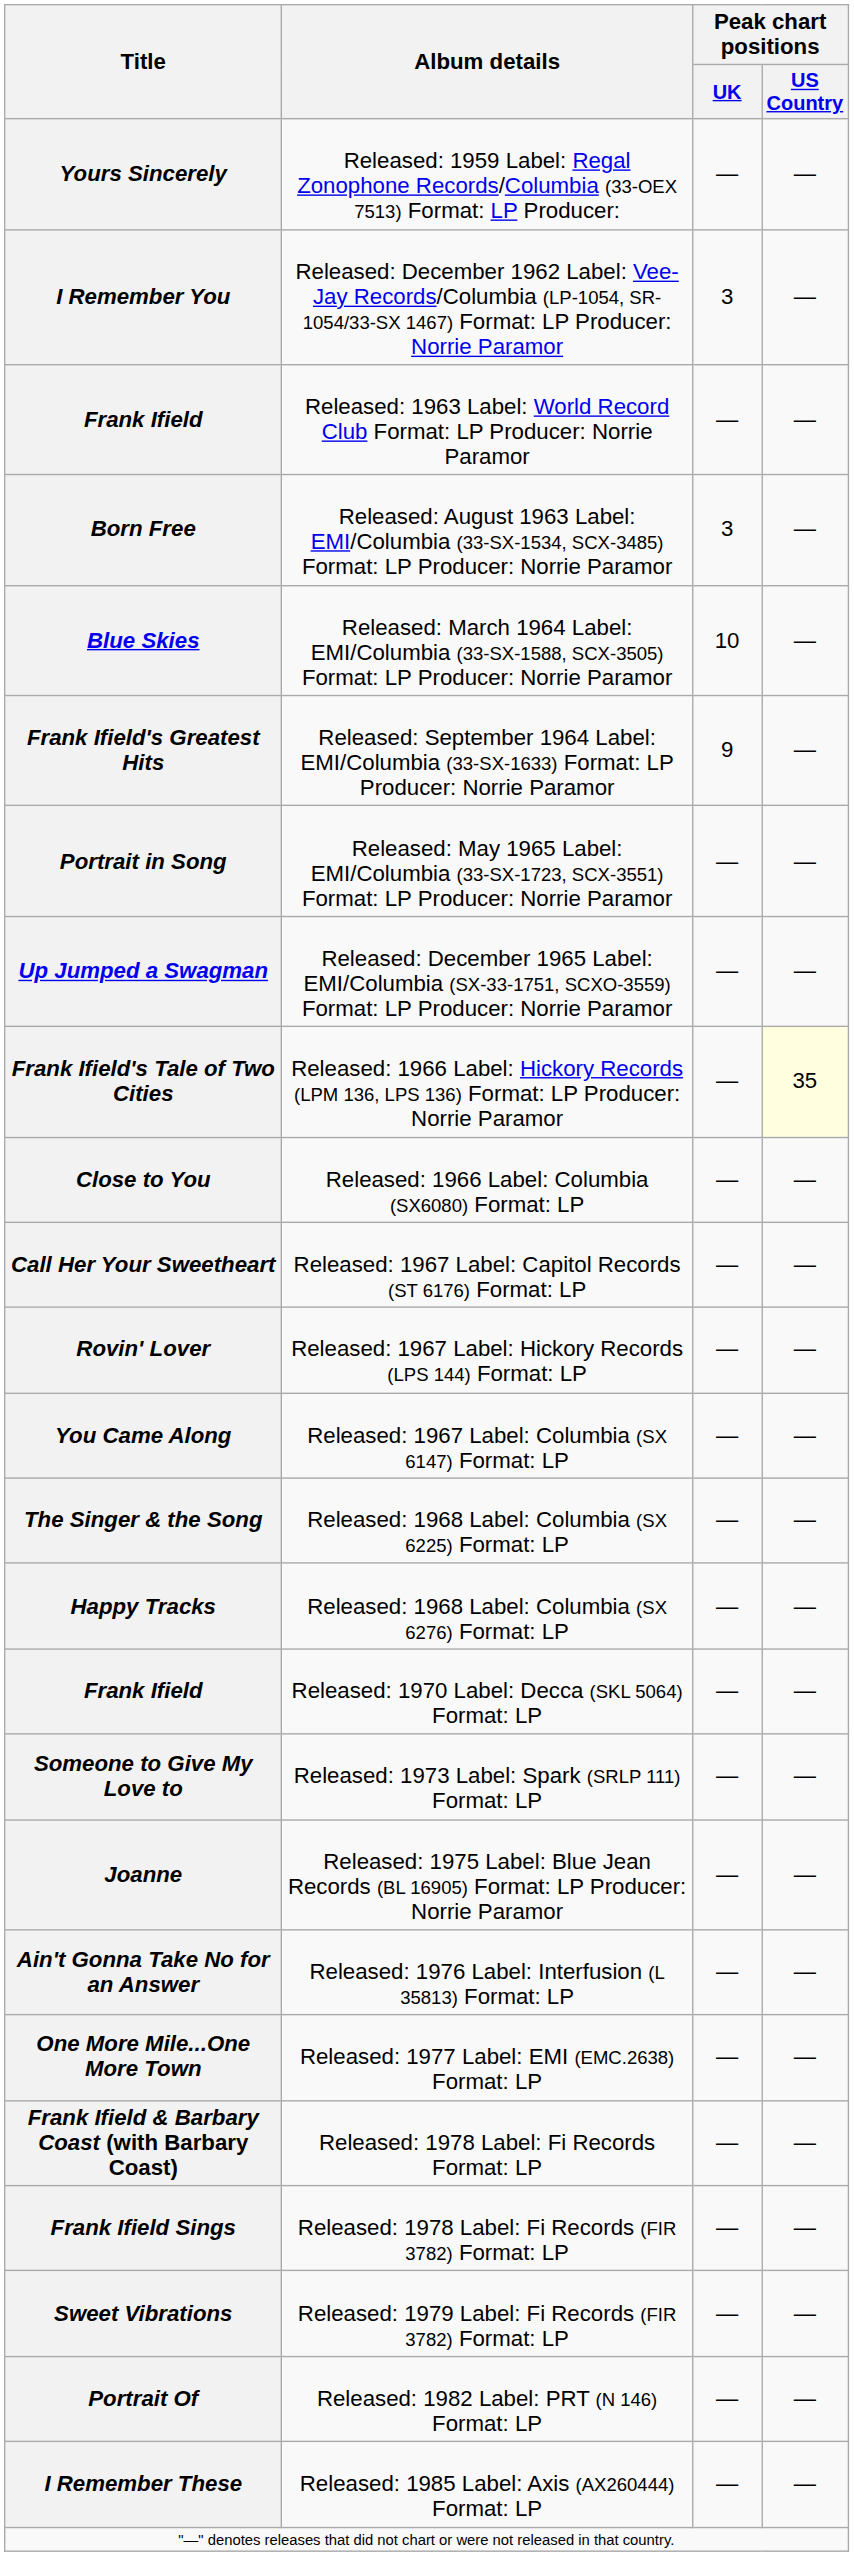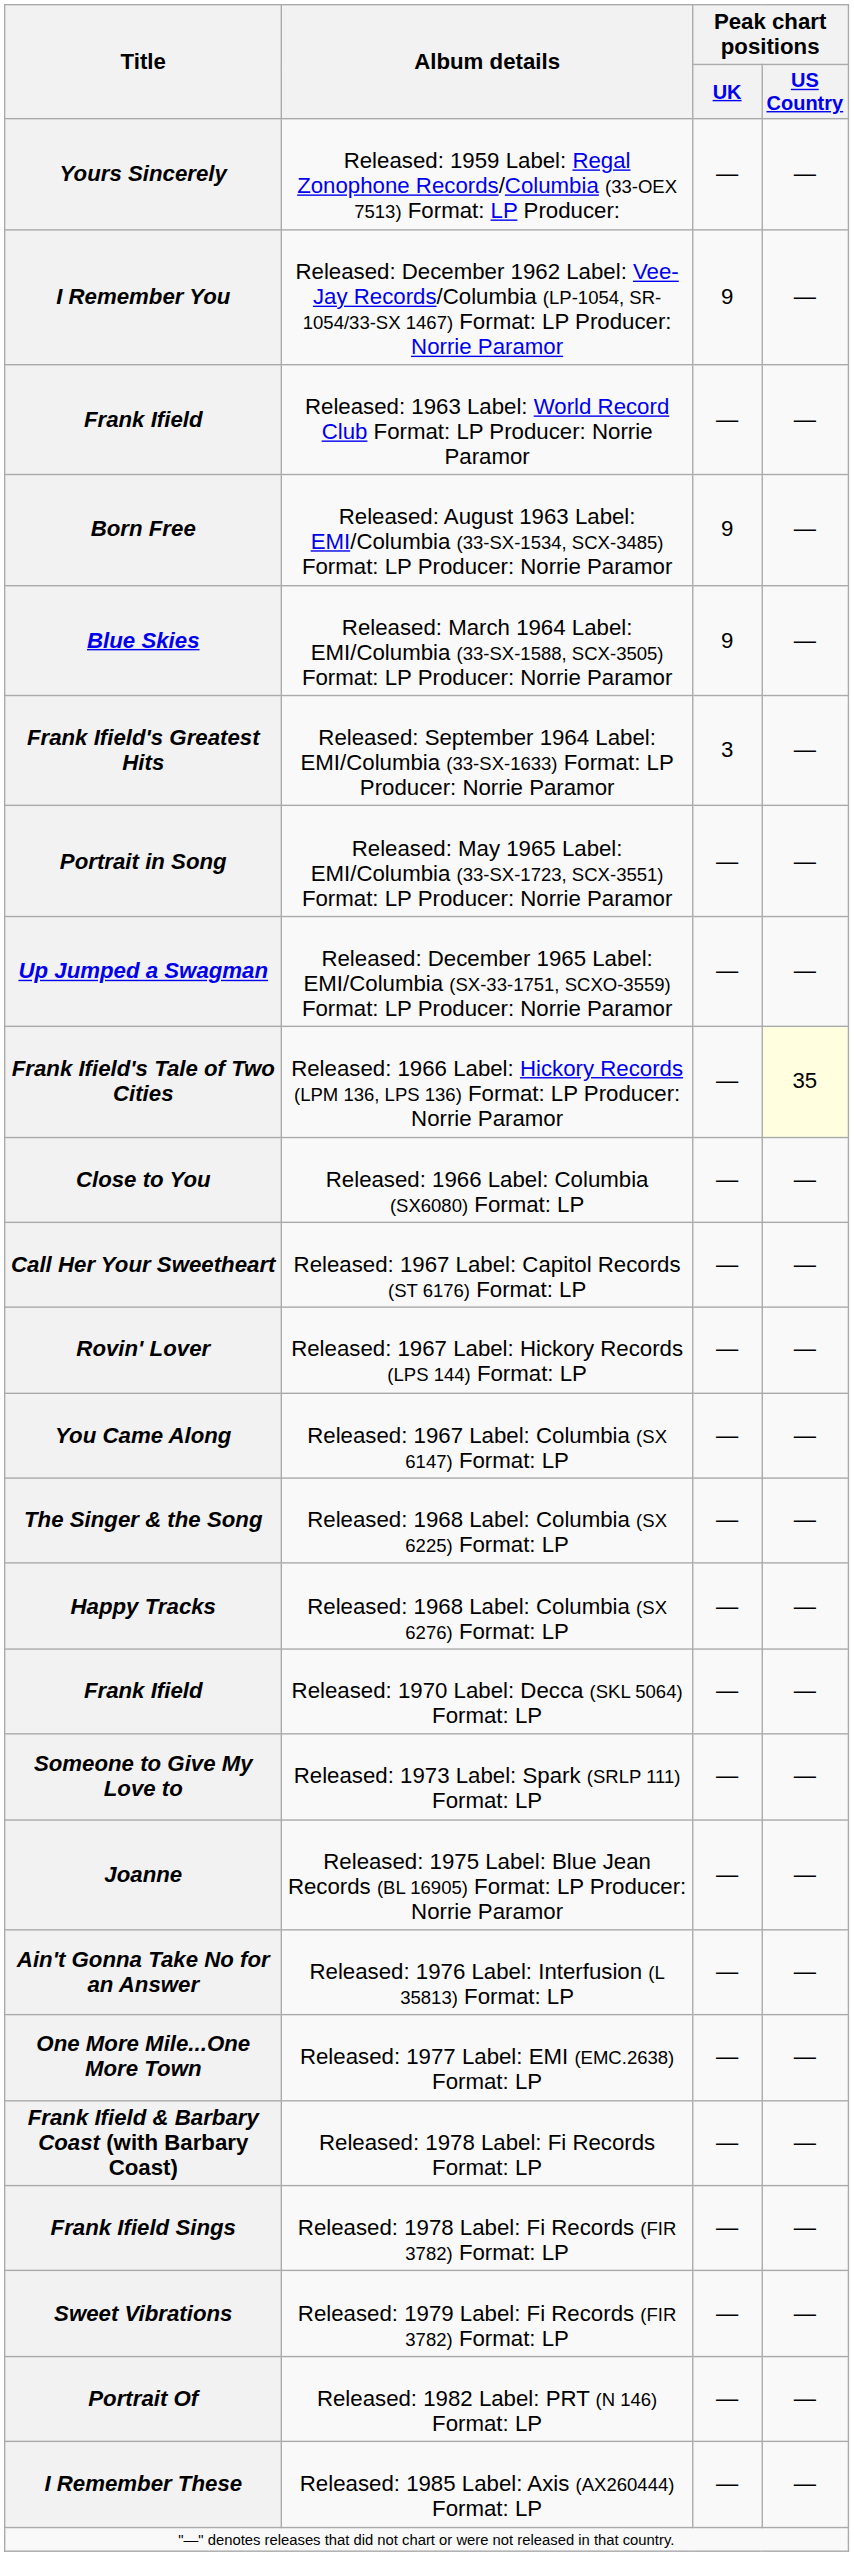 <table class="wikitable plainrowheaders" style="text-align:center;">
 <tr>
 <th scope="col" rowspan="2" style="width:12em;">Title</th>
 <th scope="col" rowspan="2" style="width:18em;">Album details</th>
 <th scope="col" colspan="2">Peak chart positions</th>
 </tr>
 <tr>
 <th scope="col" style="width:3em;font-size:90%;"><a href='#'>UK</a><br></th>
 <th scope="col" style="width:3em;font-size:90%;"><a href='#'>US Country</a><br></th>
 </tr>
 <tr>
 <th scope="row"><em>Yours Sincerely</em></th>
 <td><br>Released: 1959 Label: <a href='#'>Regal Zonophone Records</a>/<a href='#'>Columbia</a> <small>(33-OEX 7513)</small> Format: <a href='#'>LP</a> Producer:</td>
 <td style="text-align:center;">—</td>
 <td style="text-align:center;">—</td>
 </tr>
 <tr>
 <th scope="row"><em>I Remember You</em></th>
 <td><br>Released: December 1962 Label: <a href='#'>Vee-Jay Records</a>/Columbia <small>(LP-1054, SR-1054/33-SX 1467)</small> Format: LP Producer: <a href='#'>Norrie Paramor</a></td>
-<td style="text-align:center;">3</td>
+<td style="text-align:center;">9</td>
 <td style="text-align:center;">—</td>
 </tr>
 <tr>
 <th scope="row"><em>Frank Ifield</em></th>
 <td><br>Released: 1963 Label: <a href='#'>World Record Club</a> Format: LP Producer: Norrie Paramor</td>
 <td style="text-align:center;">—</td>
 <td style="text-align:center;">—</td>
 </tr>
 <tr>
 <th scope="row"><em>Born Free</em></th>
 <td><br>Released: August 1963 Label: <a href='#'>EMI</a>/Columbia <small>(33-SX-1534, SCX-3485)</small> Format: LP Producer: Norrie Paramor</td>
-<td style="text-align:center;">3</td>
+<td style="text-align:center;">9</td>
 <td style="text-align:center;">—</td>
 </tr>
 <tr>
 <th scope="row"><em><a href='#'>Blue Skies</a></em></th>
 <td><br>Released: March 1964 Label: EMI/Columbia <small>(33-SX-1588, SCX-3505)</small> Format: LP Producer: Norrie Paramor</td>
-<td style="text-align:center;">10</td>
+<td style="text-align:center;">9</td>
 <td style="text-align:center;">—</td>
 </tr>
 <tr>
 <th scope="row"><em>Frank Ifield's Greatest Hits</em></th>
 <td><br>Released: September 1964 Label: EMI/Columbia <small>(33-SX-1633)</small> Format: LP Producer: Norrie Paramor</td>
-<td style="text-align:center;">9</td>
+<td style="text-align:center;">3</td>
 <td style="text-align:center;">—</td>
 </tr>
 <tr>
 <th scope="row"><em>Portrait in Song</em></th>
 <td><br>Released: May 1965 Label: EMI/Columbia <small>(33-SX-1723, SCX-3551)</small> Format: LP Producer: Norrie Paramor</td>
 <td style="text-align:center;">—</td>
 <td style="text-align:center;">—</td>
 </tr>
 <tr>
 <th scope="row"><em><a href='#'>Up Jumped a Swagman</a></em></th>
 <td><br>Released: December 1965 Label: EMI/Columbia <small>(SX-33-1751, SCXO-3559)</small> Format: LP Producer: Norrie Paramor</td>
 <td style="text-align:center;">—</td>
 <td style="text-align:center;">—</td>
 </tr>
 <tr>
 <th scope="row"><em>Frank Ifield's Tale of Two Cities</em></th>
 <td><br>Released: 1966 Label: <a href='#'>Hickory Records</a> <small>(LPM 136, LPS 136)</small> Format: LP Producer: Norrie Paramor</td>
 <td style="text-align:center;">—</td>
 <td style="background: lightyellow; text-align:center;">35</td>
 </tr>
 <tr>
 <th scope="row"><em>Close to You</em></th>
 <td><br>Released: 1966 Label: Columbia <small>(SX6080)</small> Format: LP</td>
 <td style="text-align:center;">—</td>
 <td style="text-align:center;">—</td>
 </tr>
 <tr>
 <th scope="row"><em>Call Her Your Sweetheart</em></th>
 <td><br>Released: 1967 Label: Capitol Records	<small>(ST 6176)</small> Format: LP</td>
 <td style="text-align:center;">—</td>
 <td style="text-align:center;">—</td>
 </tr>
 <tr>
 <th scope="row"><em>Rovin' Lover</em></th>
 <td><br>Released: 1967 Label: Hickory Records	<small>(LPS 144)</small> Format: LP</td>
 <td style="text-align:center;">—</td>
 <td style="text-align:center;">—</td>
 </tr>
 <tr>
 <th scope="row"><em>You Came Along</em></th>
 <td><br>Released: 1967 Label: Columbia <small>(SX 6147)</small> Format: LP</td>
 <td style="text-align:center;">—</td>
 <td style="text-align:center;">—</td>
 </tr>
 <tr>
 <th scope="row"><em>The Singer & the Song</em></th>
 <td><br>Released: 1968 Label: Columbia <small>(SX 6225)</small> Format: LP</td>
 <td style="text-align:center;">—</td>
 <td style="text-align:center;">—</td>
 </tr>
 <tr>
 <th scope="row"><em>Happy Tracks</em></th>
 <td><br>Released: 1968 Label: Columbia <small>(SX 6276)</small> Format: LP</td>
 <td style="text-align:center;">—</td>
 <td style="text-align:center;">—</td>
 </tr>
 <tr>
 <th scope="row"><em>Frank Ifield </em></th>
 <td><br>Released: 1970 Label: Decca <small>(SKL 5064)</small> Format: LP</td>
 <td style="text-align:center;">—</td>
 <td style="text-align:center;">—</td>
 </tr>
 <tr>
 <th scope="row"><em>Someone to Give My Love to</em></th>
 <td><br>Released: 1973 Label: Spark <small>(SRLP 111)</small> Format: LP</td>
 <td style="text-align:center;">—</td>
 <td style="text-align:center;">—</td>
 </tr>
 <tr>
 <th scope="row"><em>Joanne</em></th>
 <td><br>Released: 1975 Label: Blue Jean Records <small>(BL 16905)</small> Format: LP Producer: Norrie Paramor</td>
 <td style="text-align:center;">—</td>
 <td style="text-align:center;">—</td>
 </tr>
 <tr>
 <th scope="row"><em>Ain't Gonna Take No for an Answer</em></th>
 <td><br>Released: 1976 Label: Interfusion <small>(L 35813)</small> Format: LP</td>
 <td style="text-align:center;">—</td>
 <td style="text-align:center;">—</td>
 </tr>
 <tr>
 <th scope="row"><em>One More Mile...One More Town</em></th>
 <td><br>Released: 1977 Label: EMI <small>(EMC.2638)</small> Format: LP</td>
 <td style="text-align:center;">—</td>
 <td style="text-align:center;">—</td>
 </tr>
 <tr>
 <th scope="row"><em>Frank Ifield & Barbary Coast</em> (with Barbary Coast)</th>
 <td><br>Released: 1978 Label: Fi Records  Format: LP</td>
 <td style="text-align:center;">—</td>
 <td style="text-align:center;">—</td>
 </tr>
 <tr>
 <th scope="row"><em>Frank Ifield Sings</em></th>
 <td><br>Released: 1978 Label: Fi Records <small>(FIR 3782)</small> Format: LP</td>
 <td style="text-align:center;">—</td>
 <td style="text-align:center;">—</td>
 </tr>
 <tr>
 <th scope="row"><em>Sweet Vibrations</em></th>
 <td><br>Released: 1979 Label: Fi Records <small>(FIR 3782)</small> Format: LP</td>
 <td style="text-align:center;">—</td>
 <td style="text-align:center;">—</td>
 </tr>
 <tr>
 <th scope="row"><em>Portrait Of</em></th>
 <td><br>Released: 1982 Label: PRT <small>(N 146)</small> Format: LP</td>
 <td style="text-align:center;">—</td>
 <td style="text-align:center;">—</td>
 </tr>
 <tr>
 <th scope="row"><em>I Remember These</em></th>
 <td><br>Released: 1985 Label: Axis <small>(AX260444)</small> Format: LP</td>
 <td style="text-align:center;">—</td>
 <td style="text-align:center;">—</td>
 </tr>
 <tr>
 <td colspan="5" style="text-align:center; font-size:8pt;">"—" denotes releases that did not chart or were not released in that country.</td>
 </tr>
 </table>
